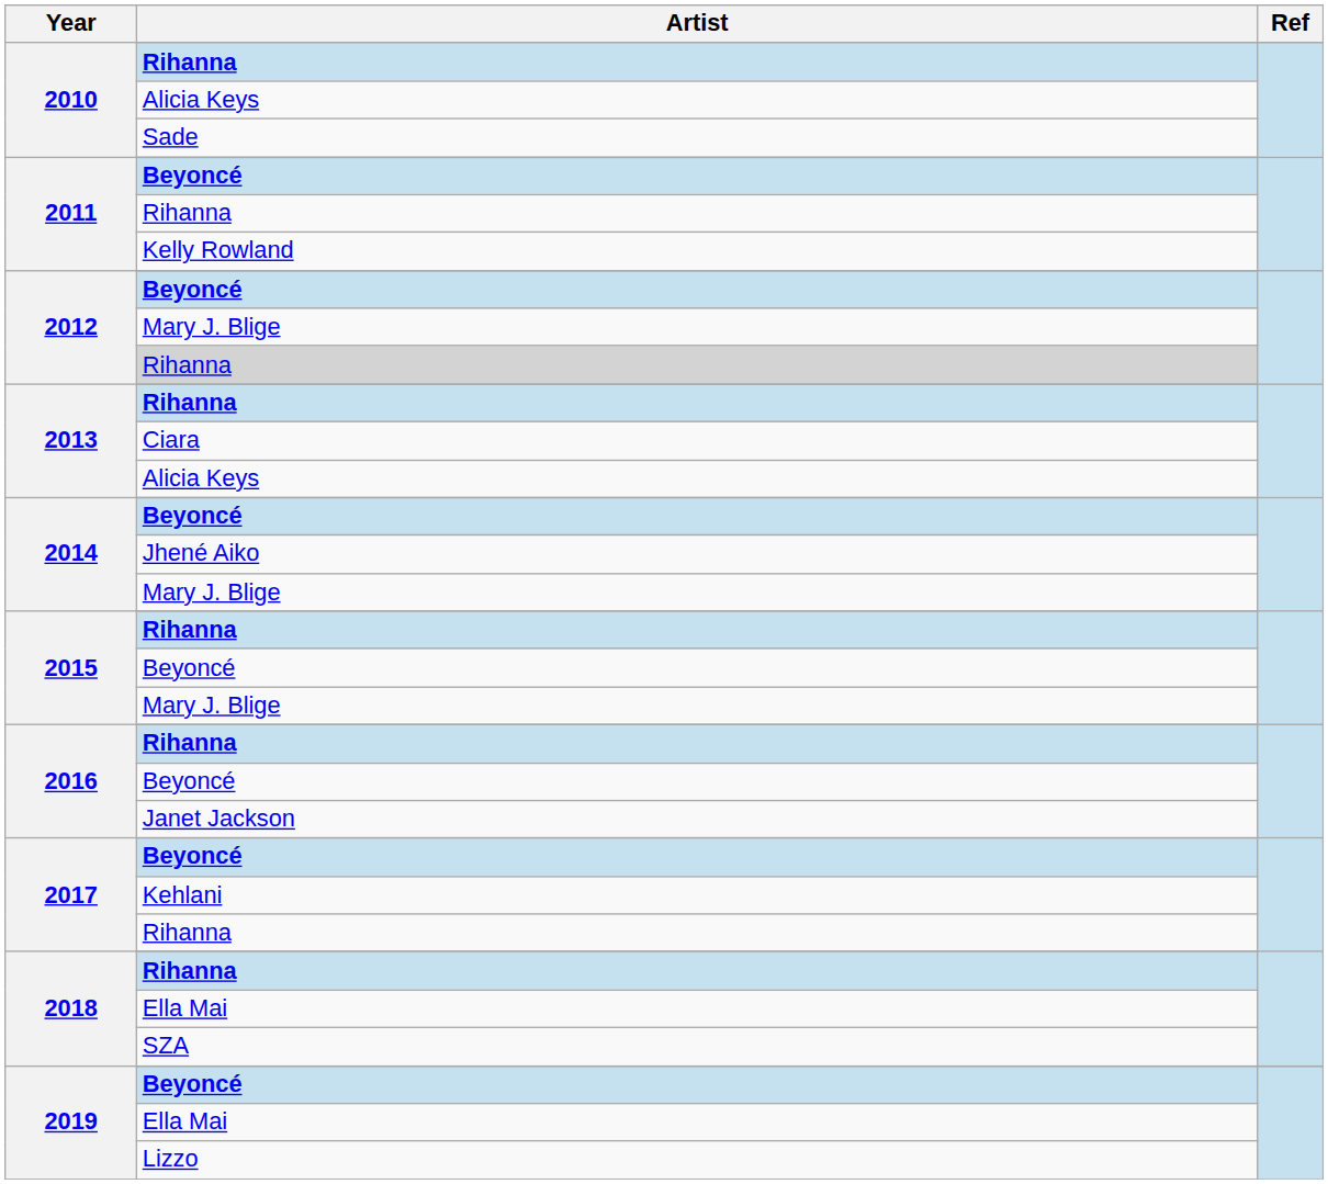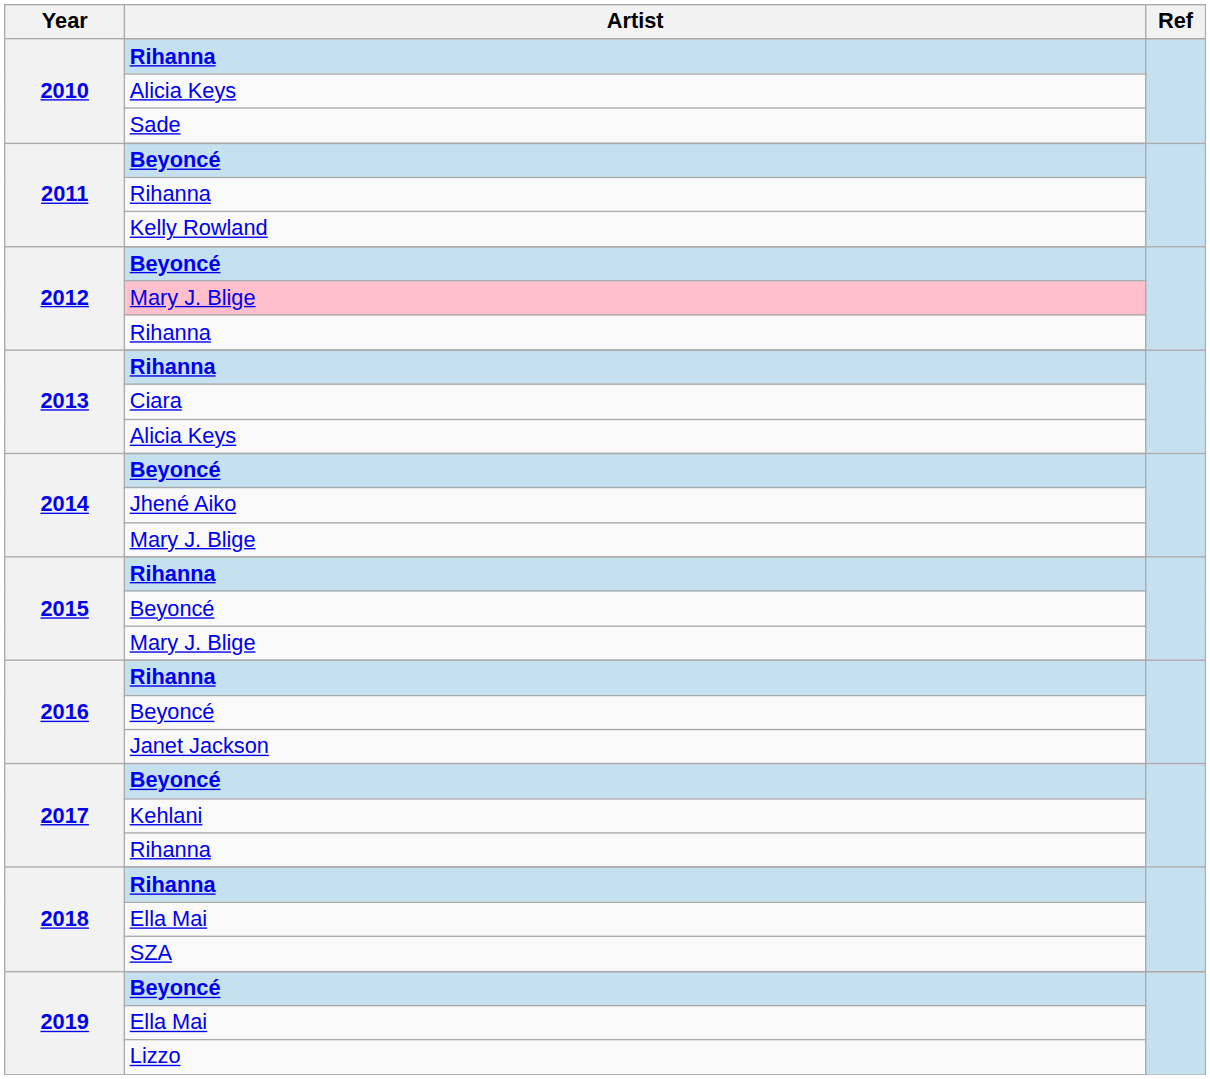 <table class="wikitable" width="100%">
 <tr>
 <th width="10%">Year</th>
 <th width="85%">Artist</th>
 <th width="5%">Ref</th>
 </tr>
 <tr>
 <th rowspan="4" align="center"><a href='#'>2010<br></a></th>
 </tr>
 <tr style="background:#c5e1f0">
 <td><strong><a href='#'>Rihanna</a></strong></td>
 <td rowspan="4" align="center"></td>
 </tr>
 <tr>
 <td><a href='#'>Alicia Keys</a></td>
 </tr>
 <tr>
 <td><a href='#'>Sade</a></td>
 </tr>
 <tr>
 <th rowspan="4" align="center"><a href='#'>2011<br></a></th>
 </tr>
 <tr style="background:#c5e1f0">
 <td><strong><a href='#'>Beyoncé</a></strong></td>
 <td rowspan="4" align="center"></td>
 </tr>
 <tr>
 <td><a href='#'>Rihanna</a></td>
 </tr>
 <tr>
 <td><a href='#'>Kelly Rowland</a></td>
 </tr>
 <tr>
 <th rowspan="4" align="center"><a href='#'>2012<br></a></th>
 </tr>
 <tr style="background:#c5e1f0">
 <td><strong><a href='#'>Beyoncé</a></strong></td>
 <td rowspan="4" align="center"></td>
 </tr>
 <tr>
-<td><a href='#'>Mary J. Blige</a></td>
+<td style="background: pink;"><a href='#'>Mary J. Blige</a></td>
 </tr>
 <tr>
-<td style="background: lightgrey;"><a href='#'>Rihanna</a></td>
+<td><a href='#'>Rihanna</a></td>
 </tr>
 <tr>
 <th rowspan="4" align="center"><a href='#'>2013<br></a></th>
 </tr>
 <tr style="background:#c5e1f0">
 <td><strong><a href='#'>Rihanna</a></strong></td>
 <td rowspan="4" align="center"></td>
 </tr>
 <tr>
 <td><a href='#'>Ciara</a></td>
 </tr>
 <tr>
 <td><a href='#'>Alicia Keys</a></td>
 </tr>
 <tr>
 <th rowspan="4" align="center"><a href='#'>2014<br></a></th>
 </tr>
 <tr style="background:#c5e1f0">
 <td><strong><a href='#'>Beyoncé</a></strong></td>
 <td rowspan="4" align="center"></td>
 </tr>
 <tr>
 <td><a href='#'>Jhené Aiko</a></td>
 </tr>
 <tr>
 <td><a href='#'>Mary J. Blige</a></td>
 </tr>
 <tr>
 <th rowspan="4" align="center"><a href='#'>2015<br></a></th>
 </tr>
 <tr style="background:#c5e1f0">
 <td><strong><a href='#'>Rihanna</a></strong></td>
 <td rowspan="4" align="center"></td>
 </tr>
 <tr>
 <td><a href='#'>Beyoncé</a></td>
 </tr>
 <tr>
 <td><a href='#'>Mary J. Blige</a></td>
 </tr>
 <tr>
 <th rowspan="4" align="center"><a href='#'>2016<br></a></th>
 </tr>
 <tr style="background:#c5e1f0">
 <td><strong><a href='#'>Rihanna</a></strong></td>
 <td rowspan="4" align="center"></td>
 </tr>
 <tr>
 <td><a href='#'>Beyoncé</a></td>
 </tr>
 <tr>
 <td><a href='#'>Janet Jackson</a></td>
 </tr>
 <tr>
 <th rowspan="4" align="center"><a href='#'>2017<br></a></th>
 </tr>
 <tr style="background:#c5e1f0">
 <td><strong><a href='#'>Beyoncé</a></strong></td>
 <td rowspan="4" align="center"></td>
 </tr>
 <tr>
 <td><a href='#'>Kehlani</a></td>
 </tr>
 <tr>
 <td><a href='#'>Rihanna</a></td>
 </tr>
 <tr>
 <th rowspan="4" align="center"><a href='#'>2018<br></a></th>
 </tr>
 <tr style="background:#c5e1f0">
 <td><strong><a href='#'>Rihanna</a></strong></td>
 <td rowspan="3" align="center"></td>
 </tr>
 <tr>
 <td><a href='#'>Ella Mai</a></td>
 </tr>
 <tr>
 <td><a href='#'>SZA</a></td>
 </tr>
 <tr>
 <th rowspan="4" align="center"><a href='#'>2019<br></a></th>
 </tr>
 <tr style="background:#c5e1f0">
 <td><strong><a href='#'>Beyoncé</a></strong></td>
 <td rowspan="4" align="center"></td>
 </tr>
 <tr>
 <td><a href='#'>Ella Mai</a></td>
 </tr>
 <tr>
 <td><a href='#'>Lizzo</a></td>
 </tr>
 <tr>
 </tr>
 </table>
